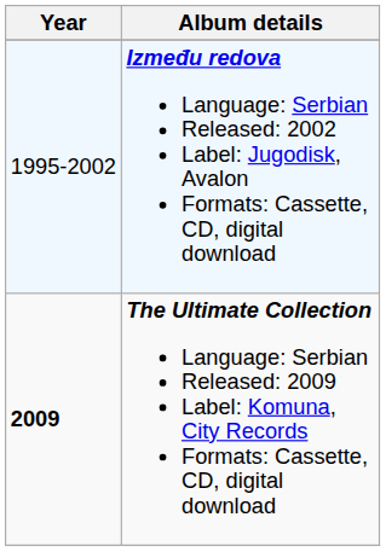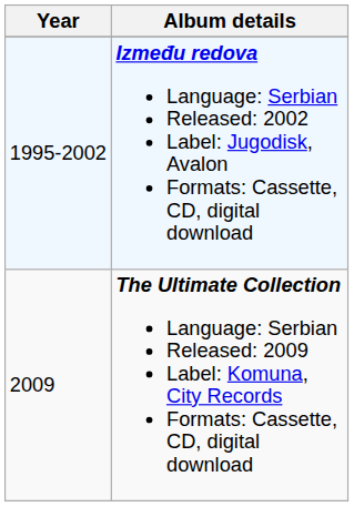 <table class="wikitable">
 <tr>
 <th align="center">Year</th>
 <th align="center" width="180">Album details</th>
 </tr>
 <tr>
 </tr>
 <tr bgcolor="#F0F8FF">
 <td>1995-2002</td>
 <td><strong><em><a href='#'>Između redova</a></em></strong><br><ul><li>Language: <a href='#'>Serbian</a></li><li>Released: 2002</li><li>Label: <a href='#'>Jugodisk</a>, Avalon</li><li>Formats: Cassette, CD, digital download</li></ul></td>
 </tr>
 <tr>
-<td><strong>2009</strong></td>
+<td>2009</td>
 <td><strong><em>The Ultimate Collection</em></strong><br><ul><li>Language: Serbian</li><li>Released: 2009</li><li>Label: <a href='#'>Komuna</a>, <a href='#'>City Records</a></li><li>Formats: Cassette, CD, digital download</li></ul></td>
 </tr>
 <tr>
 </tr>
 </table>
